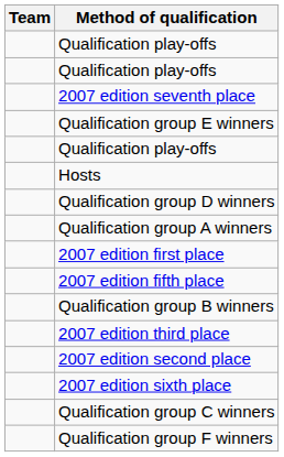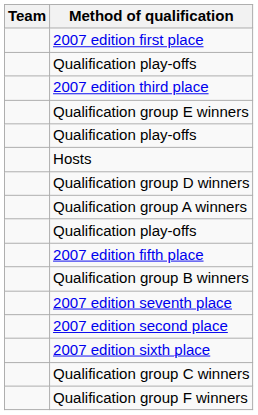 <table class="wikitable">
 <tr>
 <th>Team</th>
 <th>Method of qualification</th>
 </tr>
 <tr>
 <td></td>
-<td>Qualification play-offs</td>
+<td><a href='#'>2007 edition first place</a></td>
 </tr>
 <tr>
 <td></td>
 <td>Qualification play-offs</td>
 </tr>
 <tr>
 <td></td>
-<td><a href='#'>2007 edition seventh place</a></td>
+<td><a href='#'>2007 edition third place</a></td>
 </tr>
 <tr>
 <td></td>
 <td>Qualification group E winners</td>
 </tr>
 <tr>
 <td></td>
 <td>Qualification play-offs</td>
 </tr>
 <tr>
 <td></td>
 <td>Hosts</td>
 </tr>
 <tr>
 <td></td>
 <td>Qualification group D winners</td>
 </tr>
 <tr>
 <td></td>
 <td>Qualification group A winners</td>
 </tr>
 <tr>
 <td></td>
-<td><a href='#'>2007 edition first place</a></td>
+<td>Qualification play-offs</td>
 </tr>
 <tr>
 <td></td>
 <td><a href='#'>2007 edition fifth place</a></td>
 </tr>
 <tr>
 <td></td>
 <td>Qualification group B winners</td>
 </tr>
 <tr>
 <td></td>
-<td><a href='#'>2007 edition third place</a></td>
+<td><a href='#'>2007 edition seventh place</a></td>
 </tr>
 <tr>
 <td></td>
 <td><a href='#'>2007 edition second place</a></td>
 </tr>
 <tr>
 <td></td>
 <td><a href='#'>2007 edition sixth place</a></td>
 </tr>
 <tr>
 <td></td>
 <td>Qualification group C winners</td>
 </tr>
 <tr>
 <td></td>
 <td>Qualification group F winners</td>
 </tr>
 </table>
